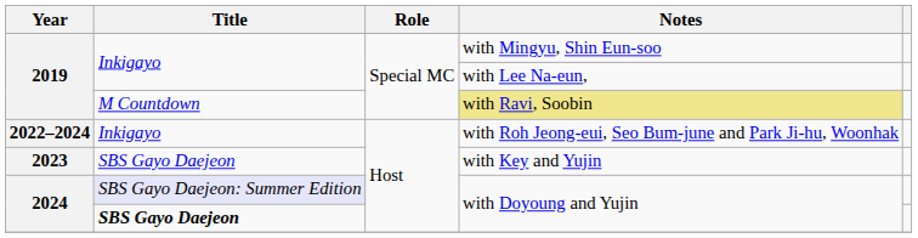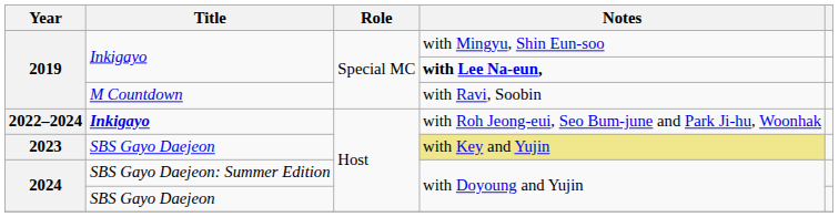 <table class="wikitable plainrowheaders sortable">
 <tr>
 <th scope="col">Year</th>
 <th scope="col">Title</th>
 <th scope="col">Role</th>
 <th scope="col" class="unsortable">Notes</th>
 <th scope="col" class="unsortable"></th>
 </tr>
 <tr>
 <th scope="row" rowspan="3">2019</th>
 <td rowspan="2"><em><a href='#'>Inkigayo</a></em></td>
 <td rowspan="3">Special MC</td>
 <td>with <a href='#'>Mingyu</a>, <a href='#'>Shin Eun-soo</a></td>
 <td style="text-align:center"></td>
 </tr>
 <tr>
-<td>with <a href='#'>Lee Na-eun</a>, </td>
+<td><strong>with <a href='#'>Lee Na-eun</a>, </strong></td>
 <td style="text-align:center"></td>
 </tr>
 <tr>
 <td><em><a href='#'>M Countdown</a></em></td>
-<td style="background: khaki;">with <a href='#'>Ravi</a>, Soobin</td>
+<td>with <a href='#'>Ravi</a>, Soobin</td>
 <td style="text-align:center"></td>
 </tr>
 <tr>
 <th scope="row">2022–2024</th>
-<td><em><a href='#'>Inkigayo</a></em></td>
+<td><strong><em><a href='#'>Inkigayo</a></em></strong></td>
 <td rowspan="4">Host</td>
 <td>with <a href='#'>Roh Jeong-eui</a>, <a href='#'>Seo Bum-june</a> and <a href='#'>Park Ji-hu</a>, <a href='#'>Woonhak</a></td>
 <td style="text-align:center"></td>
 </tr>
 <tr>
 <th scope="row">2023</th>
 <td><em><a href='#'>SBS Gayo Daejeon</a></em></td>
-<td>with <a href='#'>Key</a> and <a href='#'>Yujin</a></td>
+<td style="background: khaki;">with <a href='#'>Key</a> and <a href='#'>Yujin</a></td>
 <td style="text-align:center"></td>
 </tr>
 <tr>
 <th scope="row" rowspan="2">2024</th>
-<td style="background: lavender;"><em>SBS Gayo Daejeon: Summer Edition</em></td>
+<td><em>SBS Gayo Daejeon: Summer Edition</em></td>
 <td rowspan="2">with <a href='#'>Doyoung</a> and Yujin</td>
 <td style="text-align:center"></td>
 </tr>
 <tr>
-<td><strong><em>SBS Gayo Daejeon</em></strong></td>
+<td><em>SBS Gayo Daejeon</em></td>
 <td style="text-align:center"></td>
 </tr>
 <tr>
 </tr>
 </table>
